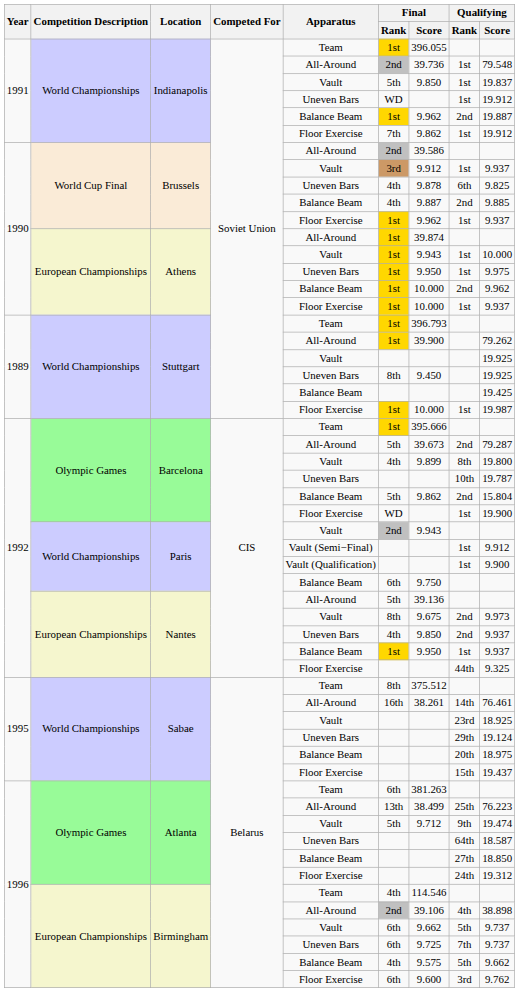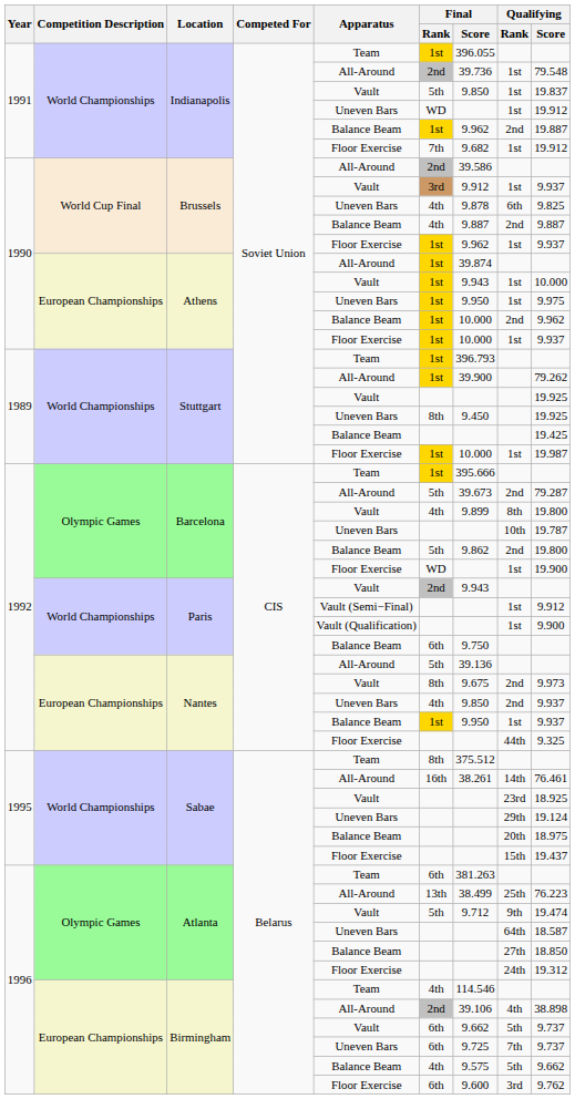 <table class="wikitable" style="text-align: center;">
 <tr>
 <th rowspan="2" scope="col">Year</th>
 <th rowspan="2" scope="col">Competition Description</th>
 <th rowspan="2" scope="col">Location</th>
 <th rowspan="2" scope="col">Competed For</th>
 <th rowspan="2" scope="col">Apparatus</th>
 <th colspan="2" scope="col">Final</th>
 <th colspan="2" scope="col">Qualifying</th>
 </tr>
 <tr>
 <th scope="col">Rank</th>
 <th scope="col">Score</th>
 <th scope="col">Rank</th>
 <th scope="col">Score</th>
 </tr>
 <tr>
 <td rowspan="6">1991</td>
 <td bgcolor=#CCCCFF rowspan="6">World Championships</td>
 <td bgcolor=#CCCCFF rowspan="6">Indianapolis</td>
 <td rowspan="22">Soviet Union</td>
 <td>Team</td>
 <td style="background-color: gold;">1st</td>
 <td>396.055</td>
 <td></td>
 <td></td>
 </tr>
 <tr>
 <td>All-Around</td>
 <td style="background-color: silver;">2nd</td>
 <td>39.736</td>
 <td>1st</td>
 <td>79.548</td>
 </tr>
 <tr>
 <td>Vault</td>
 <td>5th</td>
 <td>9.850</td>
 <td>1st</td>
 <td>19.837</td>
 </tr>
 <tr>
 <td>Uneven Bars</td>
 <td>WD</td>
 <td></td>
 <td>1st</td>
 <td>19.912</td>
 </tr>
 <tr>
 <td>Balance Beam</td>
 <td style="background-color: gold;">1st</td>
 <td>9.962</td>
 <td>2nd</td>
 <td>19.887</td>
 </tr>
 <tr>
 <td>Floor Exercise</td>
 <td>7th</td>
-<td>9.862</td>
+<td>9.682</td>
 <td>1st</td>
 <td>19.912</td>
 </tr>
 <tr>
 <td rowspan="10">1990</td>
 <td bgcolor=#FAEBD7 rowspan="5">World Cup Final</td>
 <td bgcolor=#FAEBD7 rowspan="5">Brussels</td>
 <td>All-Around</td>
 <td style="background-color: silver;">2nd</td>
 <td>39.586</td>
 <td></td>
 <td></td>
 </tr>
 <tr>
 <td>Vault</td>
 <td style="background-color: #c96;">3rd</td>
 <td>9.912</td>
 <td>1st</td>
 <td>9.937</td>
 </tr>
 <tr>
 <td>Uneven Bars</td>
 <td>4th</td>
 <td>9.878</td>
 <td>6th</td>
 <td>9.825</td>
 </tr>
 <tr>
 <td>Balance Beam</td>
 <td>4th</td>
 <td>9.887</td>
 <td>2nd</td>
-<td>9.885</td>
+<td>9.887</td>
 </tr>
 <tr>
 <td>Floor Exercise</td>
 <td style="background-color: gold;">1st</td>
 <td>9.962</td>
 <td>1st</td>
 <td>9.937</td>
 </tr>
 <tr>
 <td bgcolor=#F5F6CE rowspan="5">European Championships</td>
 <td bgcolor=#F5F6CE rowspan="5">Athens</td>
 <td>All-Around</td>
 <td style="background-color: gold;">1st</td>
 <td>39.874</td>
 <td></td>
 <td></td>
 </tr>
 <tr>
 <td>Vault</td>
 <td style="background-color: gold;">1st</td>
 <td>9.943</td>
 <td>1st</td>
 <td>10.000</td>
 </tr>
 <tr>
 <td>Uneven Bars</td>
 <td style="background-color: gold;">1st</td>
 <td>9.950</td>
 <td>1st</td>
 <td>9.975</td>
 </tr>
 <tr>
 <td>Balance Beam</td>
 <td style="background-color: gold;">1st</td>
 <td>10.000</td>
 <td>2nd</td>
 <td>9.962</td>
 </tr>
 <tr>
 <td>Floor Exercise</td>
 <td style="background-color: gold;">1st</td>
 <td>10.000</td>
 <td>1st</td>
 <td>9.937</td>
 </tr>
 <tr>
 <td rowspan="6">1989</td>
 <td bgcolor=#CCCCFF rowspan="6">World Championships</td>
 <td bgcolor=#CCCCFF rowspan="6">Stuttgart</td>
 <td>Team</td>
 <td style="background-color: gold;">1st</td>
 <td>396.793</td>
 <td></td>
 <td></td>
 </tr>
 <tr>
 <td>All-Around</td>
 <td style="background-color: gold;">1st</td>
 <td>39.900</td>
 <td></td>
 <td>79.262</td>
 </tr>
 <tr>
 <td>Vault</td>
 <td></td>
 <td></td>
 <td></td>
 <td>19.925</td>
 </tr>
 <tr>
 <td>Uneven Bars</td>
 <td>8th</td>
 <td>9.450</td>
 <td></td>
 <td>19.925</td>
 </tr>
 <tr>
 <td>Balance Beam</td>
 <td></td>
 <td></td>
 <td></td>
 <td>19.425</td>
 </tr>
 <tr>
 <td>Floor Exercise</td>
 <td style="background-color: gold;">1st</td>
 <td>10.000</td>
 <td>1st</td>
 <td>19.987</td>
 </tr>
 <tr>
 <td rowspan="15">1992</td>
 <td bgcolor=98FB98 rowspan="6">Olympic Games</td>
 <td bgcolor=98FB98 rowspan="6">Barcelona</td>
 <td rowspan="15">CIS</td>
 <td>Team</td>
 <td style="background-color: gold;">1st</td>
 <td>395.666</td>
 <td></td>
 <td></td>
 </tr>
 <tr>
 <td>All-Around</td>
 <td>5th</td>
 <td>39.673</td>
 <td>2nd</td>
 <td>79.287</td>
 </tr>
 <tr>
 <td>Vault</td>
 <td>4th</td>
 <td>9.899</td>
 <td>8th</td>
 <td>19.800</td>
 </tr>
 <tr>
 <td>Uneven Bars</td>
 <td></td>
 <td></td>
 <td>10th</td>
 <td>19.787</td>
 </tr>
 <tr>
 <td>Balance Beam</td>
 <td>5th</td>
 <td>9.862</td>
 <td>2nd</td>
-<td>15.804</td>
+<td>19.800</td>
 </tr>
 <tr>
 <td>Floor Exercise</td>
 <td>WD</td>
 <td></td>
 <td>1st</td>
 <td>19.900</td>
 </tr>
 <tr>
 <td bgcolor=#CCCCFF rowspan="4">World Championships</td>
 <td bgcolor=#CCCCFF rowspan="4">Paris</td>
 <td>Vault</td>
 <td style="background-color: silver;">2nd</td>
 <td>9.943</td>
 <td></td>
 <td></td>
 </tr>
 <tr>
 <td>Vault (Semi−Final)</td>
 <td></td>
 <td></td>
 <td>1st</td>
 <td>9.912</td>
 </tr>
 <tr>
 <td>Vault (Qualification)</td>
 <td></td>
 <td></td>
 <td>1st</td>
 <td>9.900</td>
 </tr>
 <tr>
 <td>Balance Beam</td>
 <td>6th</td>
 <td>9.750</td>
 <td></td>
 <td></td>
 </tr>
 <tr>
 <td bgcolor=#F5F6CE rowspan="5">European Championships</td>
 <td bgcolor=#F5F6CE rowspan="5">Nantes</td>
 <td>All-Around</td>
 <td>5th</td>
 <td>39.136</td>
 <td></td>
 <td></td>
 </tr>
 <tr>
 <td>Vault</td>
 <td>8th</td>
 <td>9.675</td>
 <td>2nd</td>
 <td>9.973</td>
 </tr>
 <tr>
 <td>Uneven Bars</td>
 <td>4th</td>
 <td>9.850</td>
 <td>2nd</td>
 <td>9.937</td>
 </tr>
 <tr>
 <td>Balance Beam</td>
 <td style="background-color: gold;">1st</td>
 <td>9.950</td>
 <td>1st</td>
 <td>9.937</td>
 </tr>
 <tr>
 <td>Floor Exercise</td>
 <td></td>
 <td></td>
 <td>44th</td>
 <td>9.325</td>
 </tr>
 <tr>
 <td rowspan="6">1995</td>
 <td bgcolor=#CCCCFF rowspan="6">World Championships</td>
 <td bgcolor=#CCCCFF rowspan="6">Sabae</td>
 <td rowspan="18">Belarus</td>
 <td>Team</td>
 <td>8th</td>
 <td>375.512</td>
 <td></td>
 <td></td>
 </tr>
 <tr>
 <td>All-Around</td>
 <td>16th</td>
 <td>38.261</td>
 <td>14th</td>
 <td>76.461</td>
 </tr>
 <tr>
 <td>Vault</td>
 <td></td>
 <td></td>
 <td>23rd</td>
 <td>18.925</td>
 </tr>
 <tr>
 <td>Uneven Bars</td>
 <td></td>
 <td></td>
 <td>29th</td>
 <td>19.124</td>
 </tr>
 <tr>
 <td>Balance Beam</td>
 <td></td>
 <td></td>
 <td>20th</td>
 <td>18.975</td>
 </tr>
 <tr>
 <td>Floor Exercise</td>
 <td></td>
 <td></td>
 <td>15th</td>
 <td>19.437</td>
 </tr>
 <tr>
 <td rowspan="12">1996</td>
 <td bgcolor=98FB98 rowspan="6">Olympic Games</td>
 <td bgcolor=98FB98 rowspan="6">Atlanta</td>
 <td>Team</td>
 <td>6th</td>
 <td>381.263</td>
 <td></td>
 <td></td>
 </tr>
 <tr>
 <td>All-Around</td>
 <td>13th</td>
 <td>38.499</td>
 <td>25th</td>
 <td>76.223</td>
 </tr>
 <tr>
 <td>Vault</td>
 <td>5th</td>
 <td>9.712</td>
 <td>9th</td>
 <td>19.474</td>
 </tr>
 <tr>
 <td>Uneven Bars</td>
 <td></td>
 <td></td>
 <td>64th</td>
 <td>18.587</td>
 </tr>
 <tr>
 <td>Balance Beam</td>
 <td></td>
 <td></td>
 <td>27th</td>
 <td>18.850</td>
 </tr>
 <tr>
 <td>Floor Exercise</td>
 <td></td>
 <td></td>
 <td>24th</td>
 <td>19.312</td>
 </tr>
 <tr>
 <td bgcolor=#F5F6CE rowspan="6">European Championships</td>
 <td bgcolor=#F5F6CE rowspan="6">Birmingham</td>
 <td>Team</td>
 <td>4th</td>
 <td>114.546</td>
 <td></td>
 <td></td>
 </tr>
 <tr>
 <td>All-Around</td>
 <td style="background-color: silver;">2nd</td>
 <td>39.106</td>
 <td>4th</td>
 <td>38.898</td>
 </tr>
 <tr>
 <td>Vault</td>
 <td>6th</td>
 <td>9.662</td>
 <td>5th</td>
 <td>9.737</td>
 </tr>
 <tr>
 <td>Uneven Bars</td>
 <td>6th</td>
 <td>9.725</td>
 <td>7th</td>
 <td>9.737</td>
 </tr>
 <tr>
 <td>Balance Beam</td>
 <td>4th</td>
 <td>9.575</td>
 <td>5th</td>
 <td>9.662</td>
 </tr>
 <tr>
 <td>Floor Exercise</td>
 <td>6th</td>
 <td>9.600</td>
 <td>3rd</td>
 <td>9.762</td>
 </tr>
 </table>
